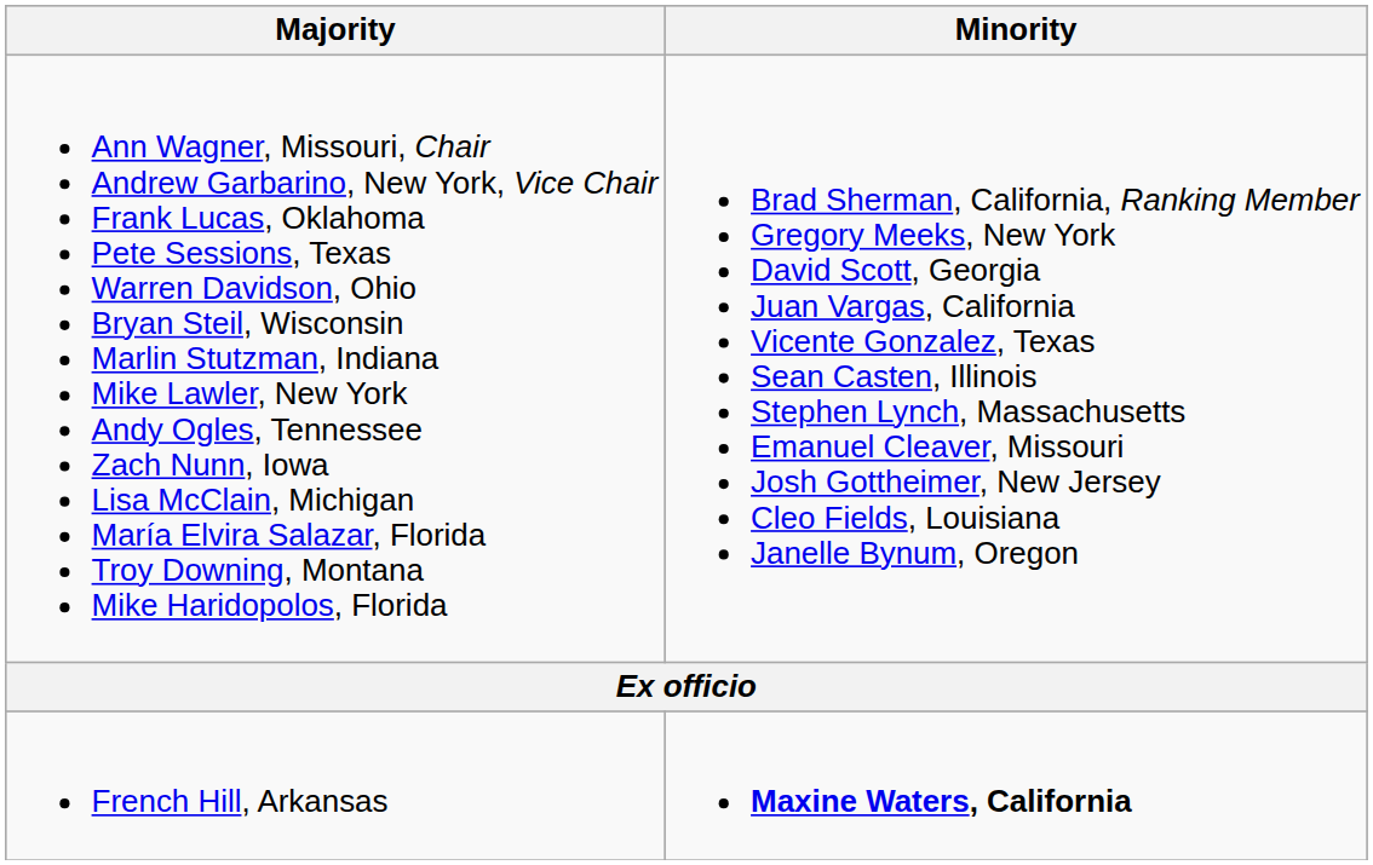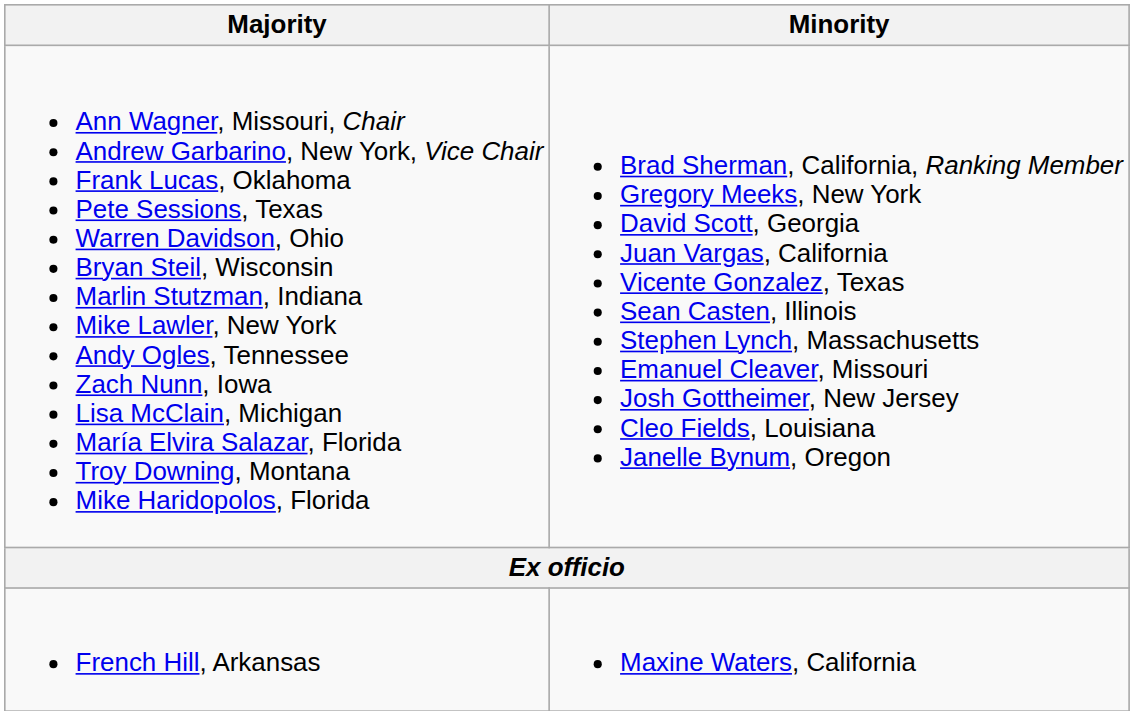 <table class=wikitable>
 <tr>
 <th>Majority</th>
 <th>Minority</th>
 </tr>
 <tr>
 <td><br><ul><li><a href='#'>Ann Wagner</a>, Missouri, <em>Chair</em></li><li><a href='#'>Andrew Garbarino</a>, New York, <em>Vice Chair</em></li><li><a href='#'>Frank Lucas</a>, Oklahoma</li><li><a href='#'>Pete Sessions</a>, Texas</li><li><a href='#'>Warren Davidson</a>, Ohio</li><li><a href='#'>Bryan Steil</a>, Wisconsin</li><li><a href='#'>Marlin Stutzman</a>, Indiana</li><li><a href='#'>Mike Lawler</a>, New York</li><li><a href='#'>Andy Ogles</a>, Tennessee</li><li><a href='#'>Zach Nunn</a>, Iowa</li><li><a href='#'>Lisa McClain</a>, Michigan</li><li><a href='#'>María Elvira Salazar</a>, Florida</li><li><a href='#'>Troy Downing</a>, Montana</li><li><a href='#'>Mike Haridopolos</a>, Florida</li></ul></td>
 <td><br><ul><li><a href='#'>Brad Sherman</a>, California, <em>Ranking Member</em></li><li><a href='#'>Gregory Meeks</a>, New York</li><li><a href='#'>David Scott</a>, Georgia</li><li><a href='#'>Juan Vargas</a>, California</li><li><a href='#'>Vicente Gonzalez</a>, Texas</li><li><a href='#'>Sean Casten</a>, Illinois</li><li><a href='#'> Stephen Lynch</a>, Massachusetts</li><li><a href='#'>Emanuel Cleaver</a>, Missouri</li><li><a href='#'>Josh Gottheimer</a>, New Jersey</li><li><a href='#'>Cleo Fields</a>, Louisiana</li><li><a href='#'>Janelle Bynum</a>, Oregon</li></ul></td>
 </tr>
 <tr>
 <th colspan=2><em>Ex officio</em></th>
 </tr>
 <tr>
 <td><br><ul><li><a href='#'>French Hill</a>, Arkansas</li></ul></td>
-<td><strong><br><ul><li><a href='#'>Maxine Waters</a>, California</li></ul></strong></td>
+<td><br><ul><li><a href='#'>Maxine Waters</a>, California</li></ul></td>
 </tr>
 </table>
